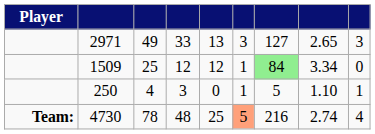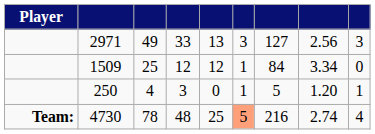 <table class="wikitable sortable" style="width:60%; text-align:center;">
 <tr>
 <th style="color:white; background:#081073; ">Player</th>
 <th style="color:white; background:#081073; "></th>
 <th style="color:white; background:#081073; "></th>
 <th style="color:white; background:#081073; "></th>
 <th style="color:white; background:#081073; "></th>
 <th style="color:white; background:#081073; "></th>
 <th style="color:white; background:#081073; "></th>
 <th style="color:white; background:#081073; "></th>
 <th style="color:white; background:#081073; "></th>
 </tr>
 <tr align="center">
 <td align="right"></td>
 <td>2971</td>
 <td>49</td>
 <td>33</td>
 <td>13</td>
 <td>3</td>
 <td>127</td>
-<td>2.65</td>
+<td>2.56</td>
 <td>3</td>
 </tr>
 <tr align="center">
 <td align="right"></td>
 <td>1509</td>
 <td>25</td>
 <td>12</td>
 <td>12</td>
 <td>1</td>
-<td style="background: lightgreen;">84</td>
+<td>84</td>
 <td>3.34</td>
 <td>0</td>
 </tr>
 <tr align="center">
 <td align="right"></td>
 <td>250</td>
 <td>4</td>
 <td>3</td>
 <td>0</td>
 <td>1</td>
 <td>5</td>
-<td>1.10</td>
+<td>1.20</td>
 <td>1</td>
 </tr>
 <tr align="center">
 <td align="right"><strong>Team:</strong></td>
 <td>4730</td>
 <td>78</td>
 <td>48</td>
 <td>25</td>
 <td style="background: lightsalmon;">5</td>
 <td>216</td>
 <td>2.74</td>
 <td>4</td>
 </tr>
 </table>
